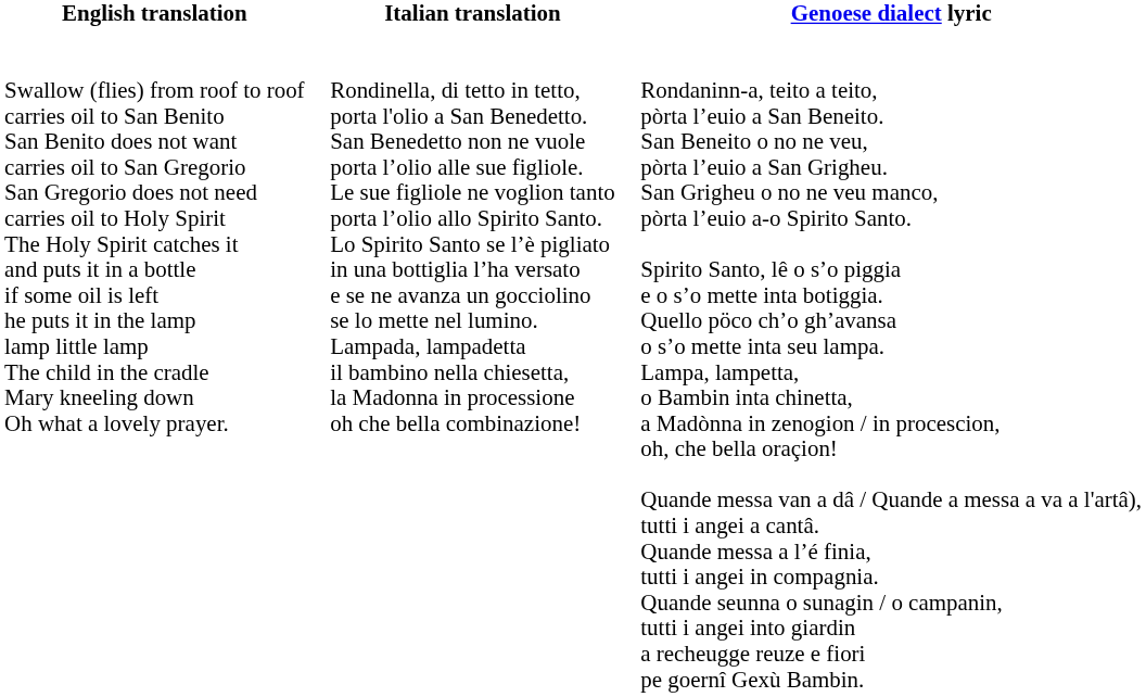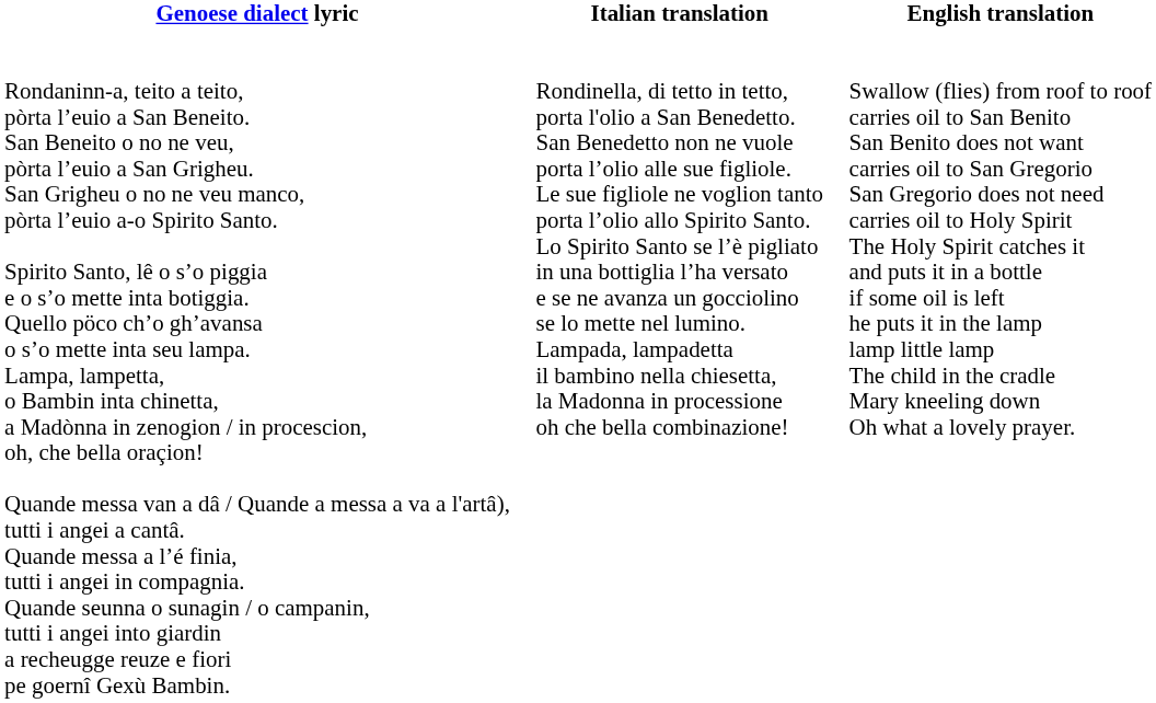 <table cellpadding=8>
 <tr>
+<th><a href='#'>Genoese dialect</a> lyric</th>
+<th>Italian translation</th>
 <th>English translation</th>
-<th>Italian translation</th>
-<th><a href='#'>Genoese dialect</a> lyric</th>
 </tr>
 <tr style="vertical-align:top; white-space:nowrap;">
+<td><br>Rondaninn-a, teito a teito, <br>pòrta l’euio a San Beneito. <br>San Beneito o no ne veu, <br>pòrta l’euio a San Grigheu. <br>San Grigheu o no ne veu manco, <br>pòrta l’euio a-o Spirito Santo. <br> <br>Spirito Santo, lê o s’o piggia <br>e o s’o mette inta botiggia. <br>Quello pöco ch’o gh’avansa <br>o s’o mette inta seu lampa. <br>Lampa, lampetta, <br>o Bambin inta chinetta, <br>a Madònna in zenogion / in procescion, <br>oh, che bella oraçion! <br> <br>Quande messa van a dâ / Quande a messa a va a l'artâ), <br>tutti i angei a cantâ. <br>Quande messa a l’é finia, <br>tutti i angei in compagnia. <br>Quande seunna o sunagin / o campanin, <br>tutti i angei into giardin <br>a recheugge reuze e fiori <br>pe goernî Gexù Bambin.</td>
+<td><br>Rondinella, di tetto in tetto, <br>porta l'olio a San Benedetto. <br>San Benedetto non ne vuole <br>porta l’olio alle sue figliole. <br>Le sue figliole ne voglion tanto <br>porta l’olio allo Spirito Santo. <br>Lo Spirito Santo se l’è pigliato <br>in una bottiglia l’ha versato <br>e se ne avanza un gocciolino <br>se lo mette nel lumino. <br>Lampada, lampadetta <br>il bambino nella chiesetta, <br>la Madonna in processione <br>oh che bella combinazione!</td>
 <td><br>Swallow (flies) from roof to roof <br>carries oil to San Benito <br>San Benito does not want <br>carries oil to San Gregorio <br>San Gregorio does not need <br>carries oil to Holy Spirit <br>The Holy Spirit catches it <br>and puts it in a bottle <br>if some oil is left <br>he puts it in the lamp <br>lamp little lamp <br>The child in the cradle <br>Mary kneeling down <br>Oh what a lovely prayer.</td>
-<td><br>Rondinella, di tetto in tetto, <br>porta l'olio a San Benedetto. <br>San Benedetto non ne vuole <br>porta l’olio alle sue figliole. <br>Le sue figliole ne voglion tanto <br>porta l’olio allo Spirito Santo. <br>Lo Spirito Santo se l’è pigliato <br>in una bottiglia l’ha versato <br>e se ne avanza un gocciolino <br>se lo mette nel lumino. <br>Lampada, lampadetta <br>il bambino nella chiesetta, <br>la Madonna in processione <br>oh che bella combinazione!</td>
-<td><br>Rondaninn-a, teito a teito, <br>pòrta l’euio a San Beneito. <br>San Beneito o no ne veu, <br>pòrta l’euio a San Grigheu. <br>San Grigheu o no ne veu manco, <br>pòrta l’euio a-o Spirito Santo. <br> <br>Spirito Santo, lê o s’o piggia <br>e o s’o mette inta botiggia. <br>Quello pöco ch’o gh’avansa <br>o s’o mette inta seu lampa. <br>Lampa, lampetta, <br>o Bambin inta chinetta, <br>a Madònna in zenogion / in procescion, <br>oh, che bella oraçion! <br> <br>Quande messa van a dâ / Quande a messa a va a l'artâ), <br>tutti i angei a cantâ. <br>Quande messa a l’é finia, <br>tutti i angei in compagnia. <br>Quande seunna o sunagin / o campanin, <br>tutti i angei into giardin <br>a recheugge reuze e fiori <br>pe goernî Gexù Bambin.</td>
 </tr>
 </table>
